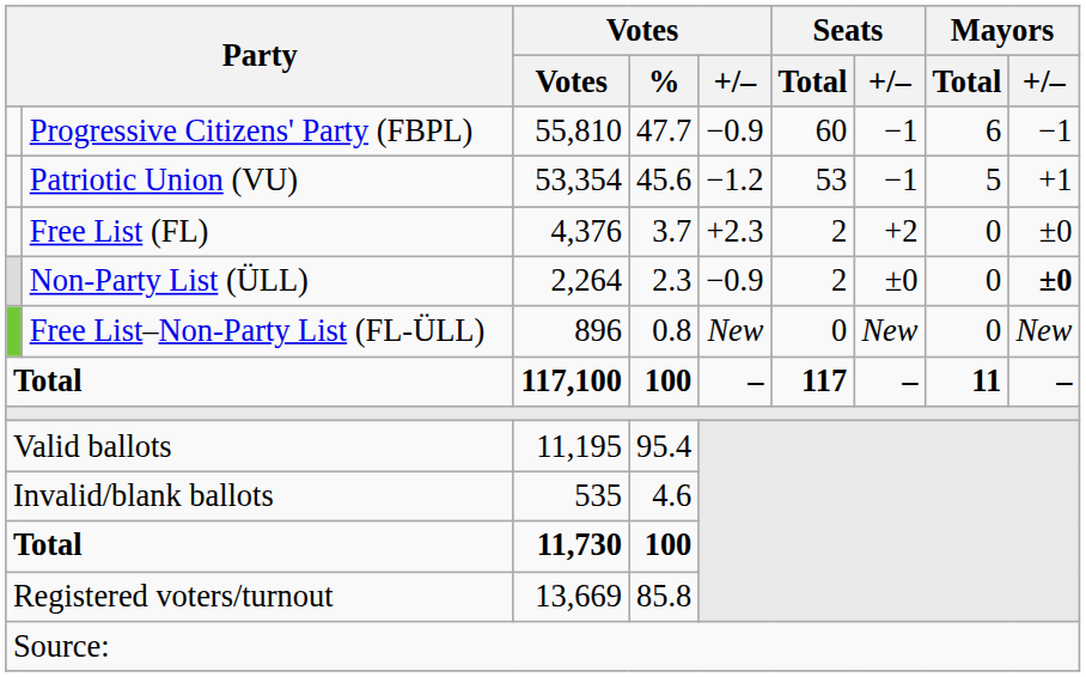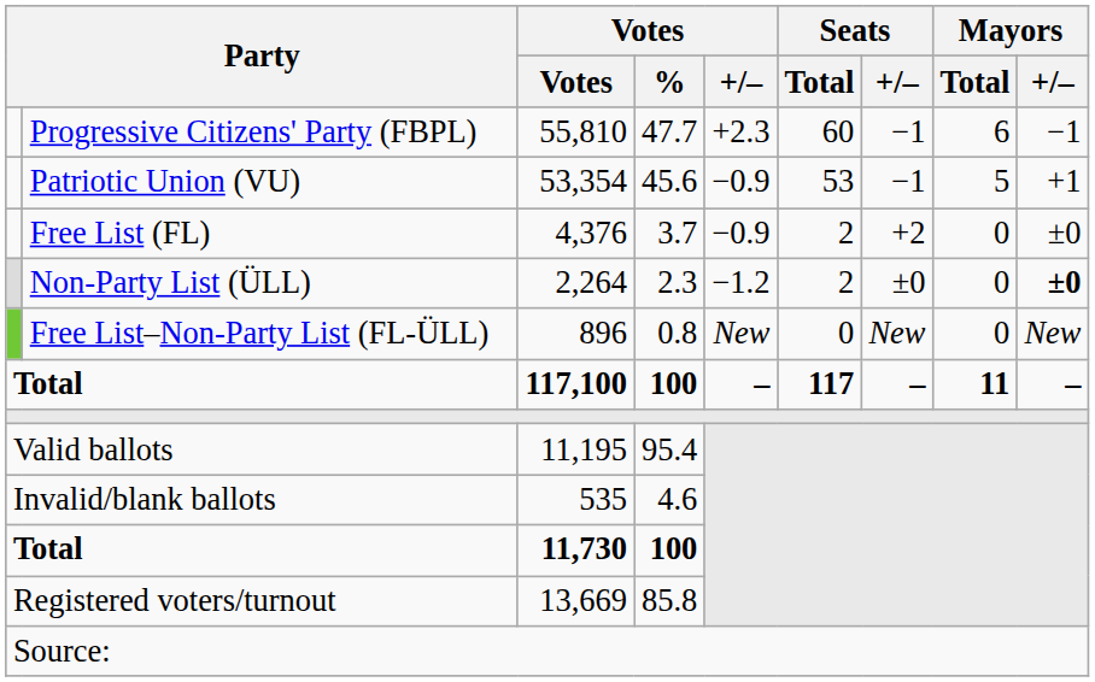 <table class=wikitable style=text-align:right>
 <tr>
 <th colspan=2 rowspan=2 width ='250px'>Party</th>
 <th colspan=3>Votes</th>
 <th colspan=2>Seats</th>
 <th colspan=2>Mayors</th>
 </tr>
 <tr>
 <th>Votes</th>
 <th>%</th>
 <th>+/–</th>
 <th>Total</th>
 <th>+/–</th>
 <th>Total</th>
 <th>+/–</th>
 </tr>
 <tr>
 <td width="1"></td>
 <td align=left><a href='#'>Progressive Citizens' Party</a> (FBPL)</td>
 <td>55,810</td>
 <td>47.7</td>
-<td>−0.9</td>
+<td>+2.3</td>
 <td>60</td>
 <td>−1</td>
 <td>6</td>
 <td>−1</td>
 </tr>
 <tr>
 <td width="1"></td>
 <td align=left><a href='#'>Patriotic Union</a> (VU)</td>
 <td>53,354</td>
 <td>45.6</td>
-<td>−1.2</td>
+<td>−0.9</td>
 <td>53</td>
 <td>−1</td>
 <td>5</td>
 <td>+1</td>
 </tr>
 <tr>
 <td width="1"></td>
 <td align=left><a href='#'>Free List</a> (FL)</td>
 <td>4,376</td>
 <td>3.7</td>
-<td>+2.3</td>
+<td>−0.9</td>
 <td>2</td>
 <td>+2</td>
 <td>0</td>
 <td>±0</td>
 </tr>
 <tr>
 <td width="1" bgcolor="gainsboro"></td>
 <td align=left><a href='#'>Non-Party List</a> (ÜLL)</td>
 <td>2,264</td>
 <td>2.3</td>
-<td>−0.9</td>
+<td>−1.2</td>
 <td>2</td>
 <td>±0</td>
 <td>0</td>
 <td><strong>±0</strong></td>
 </tr>
 <tr>
 <td width="1" bgcolor="#71C837"></td>
 <td align=left><a href='#'>Free List</a>–<a href='#'>Non-Party List</a> (FL-ÜLL)</td>
 <td>896</td>
 <td>0.8</td>
 <td><em>New</em></td>
 <td>0</td>
 <td><em>New</em></td>
 <td>0</td>
 <td><em>New</em></td>
 </tr>
 <tr>
 <td colspan=2 align=left><strong>Total</strong></td>
 <td><strong>117,100</strong></td>
 <td><strong>100</strong></td>
 <td><strong>–</strong></td>
 <td><strong>117</strong></td>
 <td><strong>–</strong></td>
 <td><strong>11</strong></td>
 <td><strong>–</strong></td>
 </tr>
 <tr>
 <td colspan=9 style="color:inherit;background:#E9E9E9"></td>
 </tr>
 <tr>
 <td colspan=2 align=left>Valid ballots</td>
 <td>11,195</td>
 <td>95.4</td>
 <td colspan=5 rowspan=4 bgcolor=#E9E9E9></td>
 </tr>
 <tr>
 <td colspan=2 align=left>Invalid/blank ballots</td>
 <td>535</td>
 <td>4.6</td>
 </tr>
 <tr>
 <td colspan=2 align=left><strong>Total</strong></td>
 <td><strong>11,730</strong></td>
 <td><strong>100</strong></td>
 </tr>
 <tr>
 <td colspan=2 align=left>Registered voters/turnout</td>
 <td>13,669</td>
 <td>85.8</td>
 </tr>
 <tr>
 <td align=left colspan=9>Source: </td>
 </tr>
 </table>
